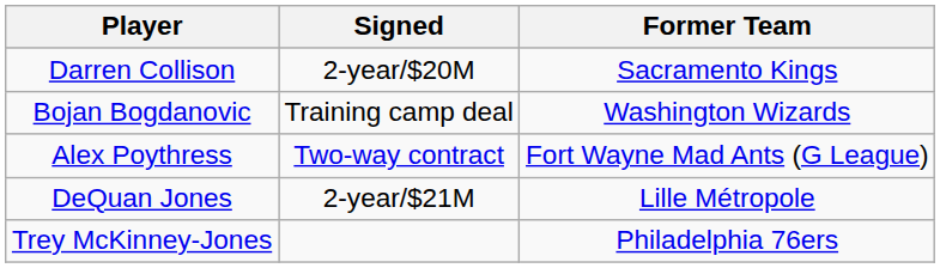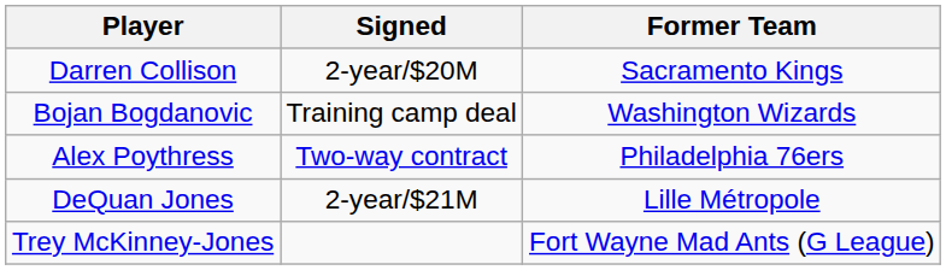 <table class="wikitable sortable sortable" style="text-align: center">
 <tr>
 <th>Player</th>
 <th>Signed</th>
 <th>Former Team</th>
 </tr>
 <tr>
 <td><a href='#'>Darren Collison</a></td>
 <td>2-year/$20M</td>
 <td><a href='#'>Sacramento Kings</a></td>
 </tr>
 <tr>
 <td><a href='#'>Bojan Bogdanovic</a></td>
 <td>Training camp deal</td>
 <td><a href='#'>Washington Wizards</a></td>
 </tr>
 <tr>
 <td><a href='#'>Alex Poythress</a></td>
 <td><a href='#'>Two-way contract</a></td>
-<td><a href='#'>Fort Wayne Mad Ants</a> (<a href='#'>G League</a>)</td>
+<td><a href='#'>Philadelphia 76ers</a></td>
 </tr>
 <tr>
 <td><a href='#'>DeQuan Jones</a></td>
 <td>2-year/$21M</td>
 <td> <a href='#'>Lille Métropole</a></td>
 </tr>
 <tr>
 <td><a href='#'>Trey McKinney-Jones</a></td>
 <td></td>
-<td><a href='#'>Philadelphia 76ers</a></td>
+<td><a href='#'>Fort Wayne Mad Ants</a> (<a href='#'>G League</a>)</td>
 </tr>
 </table>
